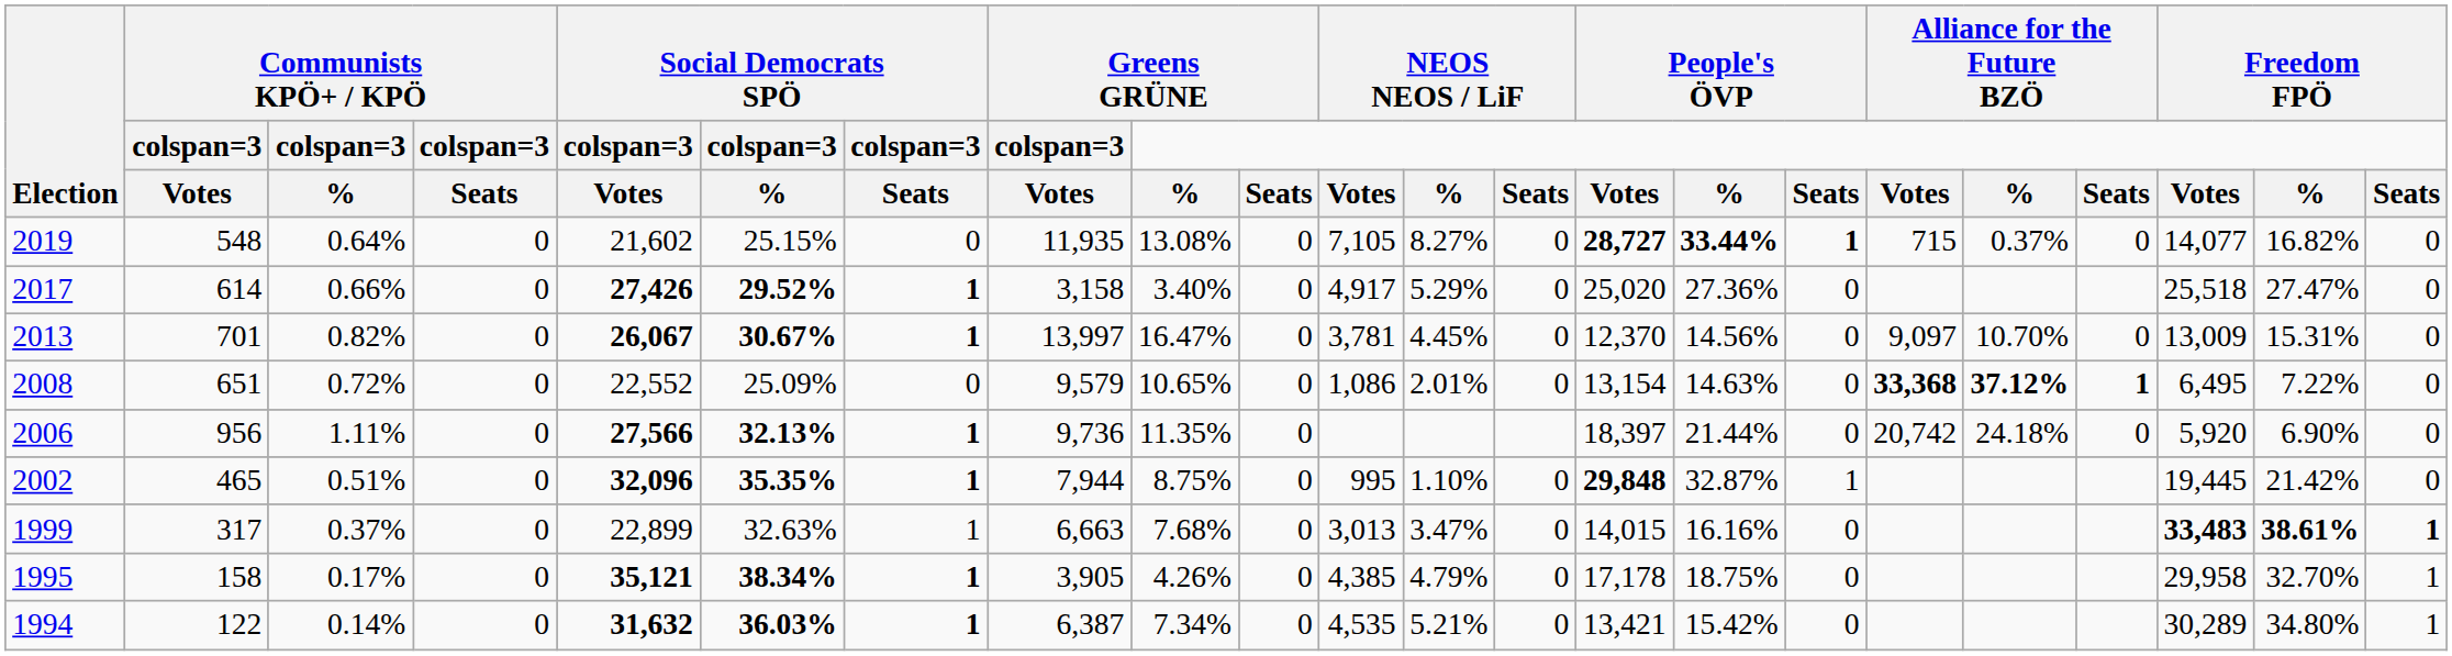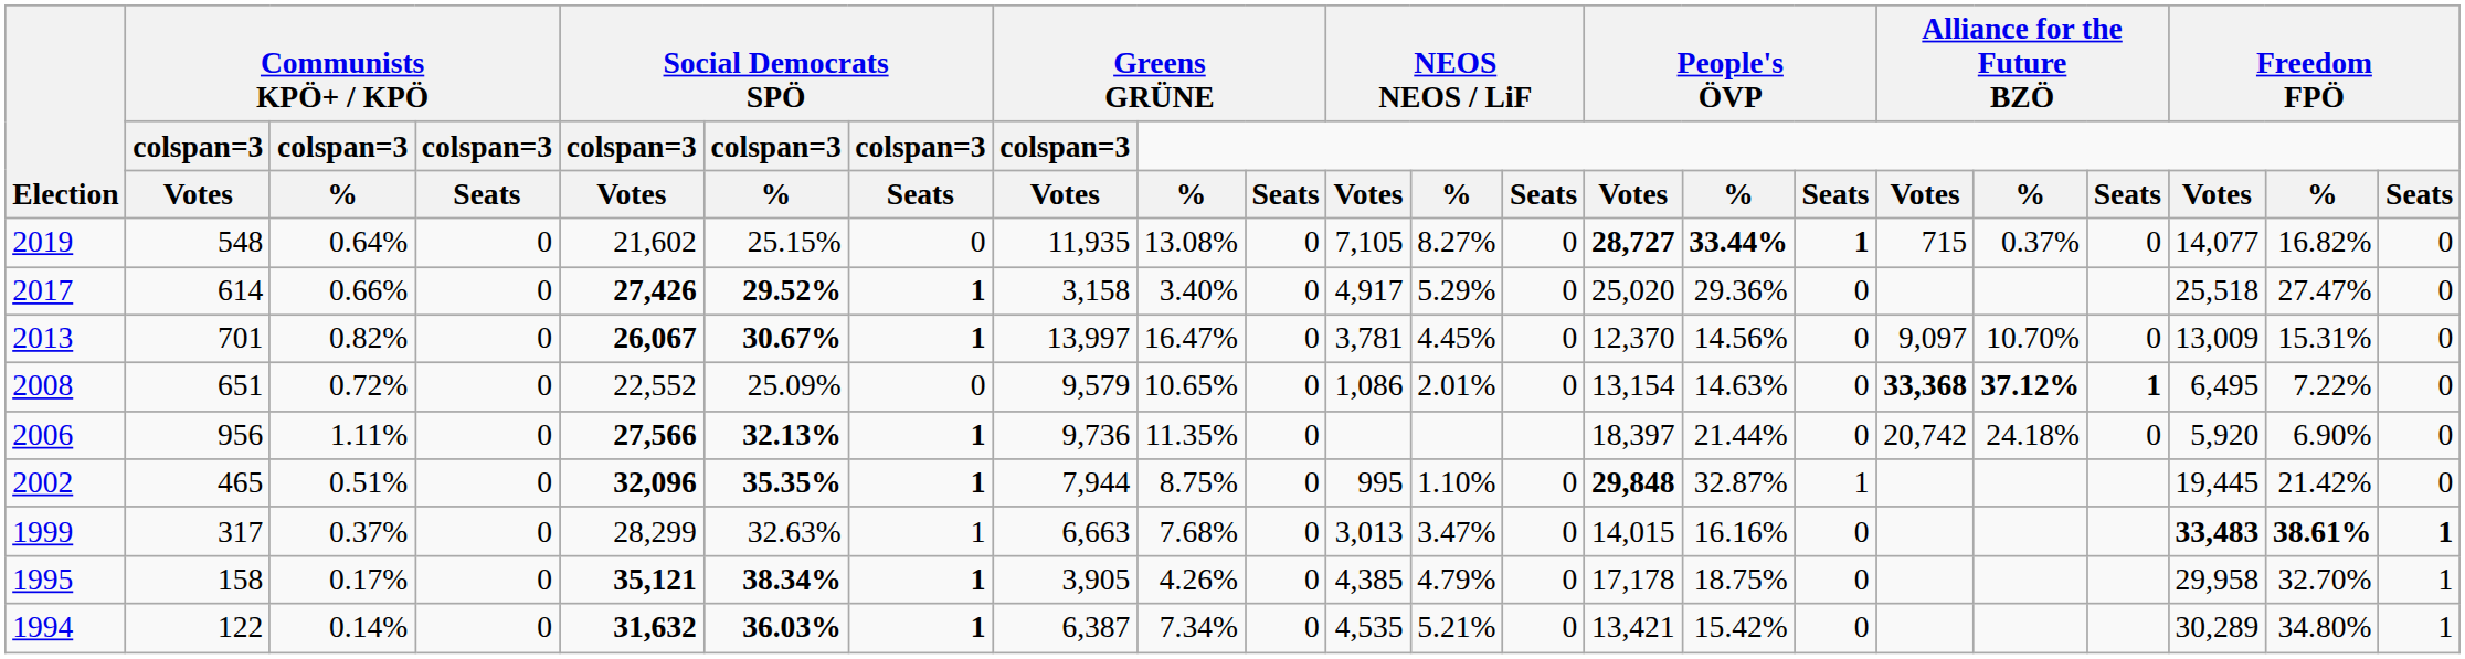 <table class="wikitable" border="1" style="font-size:100%; text-align:right;">
 <tr>
 <th style="text-align:left;" valign=bottom rowspan=3>Election</th>
 <th valign=bottom colspan=3><a href='#'>Communists</a><br>KPÖ+ / KPÖ</th>
 <th valign=bottom colspan=3><a href='#'>Social Democrats</a><br>SPÖ</th>
 <th valign=bottom colspan=3><a href='#'>Greens</a><br>GRÜNE</th>
 <th valign=bottom colspan=3><a href='#'>NEOS</a><br>NEOS / LiF</th>
 <th valign=bottom colspan=3><a href='#'>People's</a><br>ÖVP</th>
 <th valign=bottom colspan=3><a href='#'>Alliance for the Future</a><br>BZÖ</th>
 <th valign=bottom colspan=3><a href='#'>Freedom</a><br>FPÖ</th>
 </tr>
 <tr>
 <th>colspan=3 </th>
 <th>colspan=3 </th>
 <th>colspan=3 </th>
 <th>colspan=3 </th>
 <th>colspan=3 </th>
 <th>colspan=3 </th>
 <th>colspan=3 </th>
 </tr>
 <tr>
 <th>Votes</th>
 <th>%</th>
 <th>Seats</th>
 <th>Votes</th>
 <th>%</th>
 <th>Seats</th>
 <th>Votes</th>
 <th>%</th>
 <th>Seats</th>
 <th>Votes</th>
 <th>%</th>
 <th>Seats</th>
 <th>Votes</th>
 <th>%</th>
 <th>Seats</th>
 <th>Votes</th>
 <th>%</th>
 <th>Seats</th>
 <th>Votes</th>
 <th>%</th>
 <th>Seats</th>
 </tr>
 <tr>
 <td align=left><a href='#'>2019</a></td>
 <td>548</td>
 <td>0.64%</td>
 <td>0</td>
 <td>21,602</td>
 <td>25.15%</td>
 <td>0</td>
 <td>11,935</td>
 <td>13.08%</td>
 <td>0</td>
 <td>7,105</td>
 <td>8.27%</td>
 <td>0</td>
 <td><strong>28,727</strong></td>
 <td><strong>33.44%</strong></td>
 <td><strong>1</strong></td>
 <td>715</td>
 <td>0.37%</td>
 <td>0</td>
 <td>14,077</td>
 <td>16.82%</td>
 <td>0</td>
 </tr>
 <tr>
 <td align=left><a href='#'>2017</a></td>
 <td>614</td>
 <td>0.66%</td>
 <td>0</td>
 <td><strong>27,426</strong></td>
 <td><strong>29.52%</strong></td>
 <td><strong>1</strong></td>
 <td>3,158</td>
 <td>3.40%</td>
 <td>0</td>
 <td>4,917</td>
 <td>5.29%</td>
 <td>0</td>
 <td>25,020</td>
-<td>27.36%</td>
+<td>29.36%</td>
 <td>0</td>
 <td></td>
 <td></td>
 <td></td>
 <td>25,518</td>
 <td>27.47%</td>
 <td>0</td>
 </tr>
 <tr>
 <td align=left><a href='#'>2013</a></td>
 <td>701</td>
 <td>0.82%</td>
 <td>0</td>
 <td><strong>26,067</strong></td>
 <td><strong>30.67%</strong></td>
 <td><strong>1</strong></td>
 <td>13,997</td>
 <td>16.47%</td>
 <td>0</td>
 <td>3,781</td>
 <td>4.45%</td>
 <td>0</td>
 <td>12,370</td>
 <td>14.56%</td>
 <td>0</td>
 <td>9,097</td>
 <td>10.70%</td>
 <td>0</td>
 <td>13,009</td>
 <td>15.31%</td>
 <td>0</td>
 </tr>
 <tr>
 <td align=left><a href='#'>2008</a></td>
 <td>651</td>
 <td>0.72%</td>
 <td>0</td>
 <td>22,552</td>
 <td>25.09%</td>
 <td>0</td>
 <td>9,579</td>
 <td>10.65%</td>
 <td>0</td>
 <td>1,086</td>
 <td>2.01%</td>
 <td>0</td>
 <td>13,154</td>
 <td>14.63%</td>
 <td>0</td>
 <td><strong>33,368</strong></td>
 <td><strong>37.12%</strong></td>
 <td><strong>1</strong></td>
 <td>6,495</td>
 <td>7.22%</td>
 <td>0</td>
 </tr>
 <tr>
 <td align=left><a href='#'>2006</a></td>
 <td>956</td>
 <td>1.11%</td>
 <td>0</td>
 <td><strong>27,566</strong></td>
 <td><strong>32.13%</strong></td>
 <td><strong>1</strong></td>
 <td>9,736</td>
 <td>11.35%</td>
 <td>0</td>
 <td></td>
 <td></td>
 <td></td>
 <td>18,397</td>
 <td>21.44%</td>
 <td>0</td>
 <td>20,742</td>
 <td>24.18%</td>
 <td>0</td>
 <td>5,920</td>
 <td>6.90%</td>
 <td>0</td>
 </tr>
 <tr>
 <td align=left><a href='#'>2002</a></td>
 <td>465</td>
 <td>0.51%</td>
 <td>0</td>
 <td><strong>32,096</strong></td>
 <td><strong>35.35%</strong></td>
 <td><strong>1</strong></td>
 <td>7,944</td>
 <td>8.75%</td>
 <td>0</td>
 <td>995</td>
 <td>1.10%</td>
 <td>0</td>
 <td><strong>29,848</strong></td>
 <td>32.87%</td>
 <td>1</td>
 <td></td>
 <td></td>
 <td></td>
 <td>19,445</td>
 <td>21.42%</td>
 <td>0</td>
 </tr>
 <tr>
 <td align=left><a href='#'>1999</a></td>
 <td>317</td>
 <td>0.37%</td>
 <td>0</td>
-<td>22,899</td>
+<td>28,299</td>
 <td>32.63%</td>
 <td>1</td>
 <td>6,663</td>
 <td>7.68%</td>
 <td>0</td>
 <td>3,013</td>
 <td>3.47%</td>
 <td>0</td>
 <td>14,015</td>
 <td>16.16%</td>
 <td>0</td>
 <td></td>
 <td></td>
 <td></td>
 <td><strong>33,483</strong></td>
 <td><strong>38.61%</strong></td>
 <td><strong>1</strong></td>
 </tr>
 <tr>
 <td align=left><a href='#'>1995</a></td>
 <td>158</td>
 <td>0.17%</td>
 <td>0</td>
 <td><strong>35,121</strong></td>
 <td><strong>38.34%</strong></td>
 <td><strong>1</strong></td>
 <td>3,905</td>
 <td>4.26%</td>
 <td>0</td>
 <td>4,385</td>
 <td>4.79%</td>
 <td>0</td>
 <td>17,178</td>
 <td>18.75%</td>
 <td>0</td>
 <td></td>
 <td></td>
 <td></td>
 <td>29,958</td>
 <td>32.70%</td>
 <td>1</td>
 </tr>
 <tr>
 <td align=left><a href='#'>1994</a></td>
 <td>122</td>
 <td>0.14%</td>
 <td>0</td>
 <td><strong>31,632</strong></td>
 <td><strong>36.03%</strong></td>
 <td><strong>1</strong></td>
 <td>6,387</td>
 <td>7.34%</td>
 <td>0</td>
 <td>4,535</td>
 <td>5.21%</td>
 <td>0</td>
 <td>13,421</td>
 <td>15.42%</td>
 <td>0</td>
 <td></td>
 <td></td>
 <td></td>
 <td>30,289</td>
 <td>34.80%</td>
 <td>1</td>
 </tr>
 </table>
